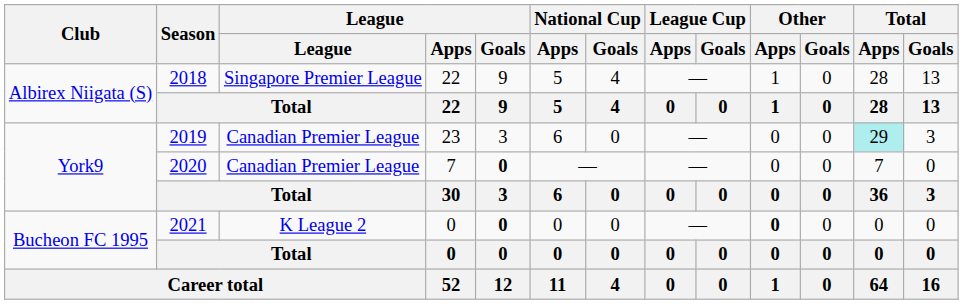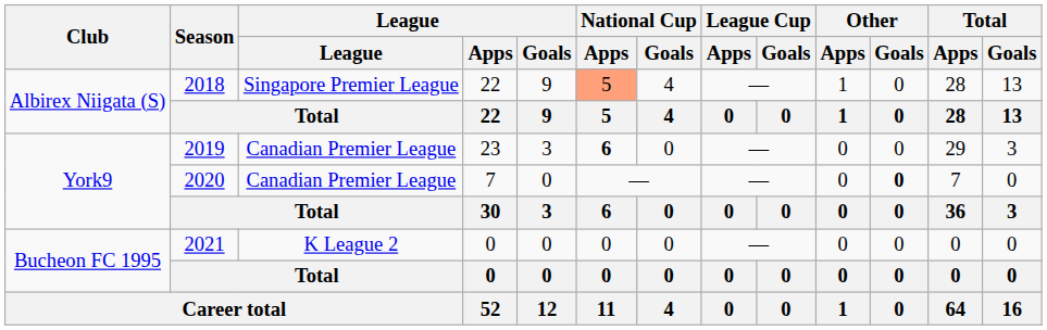 <table class="wikitable" Style="text-align: center">
 <tr>
 <th rowspan="2">Club</th>
 <th rowspan="2">Season</th>
 <th colspan="3">League</th>
 <th colspan="2">National Cup</th>
 <th colspan="2">League Cup</th>
 <th colspan="2">Other</th>
 <th colspan="2">Total</th>
 </tr>
 <tr>
 <th>League</th>
 <th>Apps</th>
 <th>Goals</th>
 <th>Apps</th>
 <th>Goals</th>
 <th>Apps</th>
 <th>Goals</th>
 <th>Apps</th>
 <th>Goals</th>
 <th>Apps</th>
 <th>Goals</th>
 </tr>
 <tr>
 <td rowspan="2"><a href='#'>Albirex Niigata (S)</a></td>
 <td><a href='#'>2018</a></td>
 <td><a href='#'>Singapore Premier League</a></td>
 <td>22</td>
 <td>9</td>
-<td>5</td>
+<td style="background: lightsalmon;">5</td>
 <td>4</td>
 <td colspan="2">—</td>
 <td>1</td>
 <td>0</td>
 <td>28</td>
 <td>13</td>
 </tr>
 <tr>
 <th colspan="2">Total</th>
 <th>22</th>
 <th>9</th>
 <th>5</th>
 <th>4</th>
 <th>0</th>
 <th>0</th>
 <th>1</th>
 <th>0</th>
 <th>28</th>
 <th>13</th>
 </tr>
 <tr>
 <td rowspan="3"><a href='#'>York9</a></td>
 <td><a href='#'>2019</a></td>
 <td><a href='#'>Canadian Premier League</a></td>
 <td>23</td>
 <td>3</td>
-<td>6</td>
+<td><strong>6</strong></td>
 <td>0</td>
 <td colspan="2">—</td>
 <td>0</td>
 <td>0</td>
-<td style="background: paleturquoise;">29</td>
+<td>29</td>
 <td>3</td>
 </tr>
 <tr>
 <td><a href='#'>2020</a></td>
 <td><a href='#'>Canadian Premier League</a></td>
 <td>7</td>
-<td><strong>0</strong></td>
+<td>0</td>
 <td colspan="2">—</td>
 <td colspan="2">—</td>
 <td>0</td>
-<td>0</td>
+<td><strong>0</strong></td>
 <td>7</td>
 <td>0</td>
 </tr>
 <tr>
 <th colspan="2">Total</th>
 <th>30</th>
 <th>3</th>
 <th>6</th>
 <th>0</th>
 <th>0</th>
 <th>0</th>
 <th>0</th>
 <th>0</th>
 <th>36</th>
 <th>3</th>
 </tr>
 <tr>
 <td rowspan="2"><a href='#'>Bucheon FC 1995</a></td>
 <td><a href='#'>2021</a></td>
 <td><a href='#'>K League 2</a></td>
 <td>0</td>
-<td><strong>0</strong></td>
+<td>0</td>
 <td>0</td>
 <td>0</td>
 <td colspan="2">—</td>
-<td><strong>0</strong></td>
+<td>0</td>
 <td>0</td>
 <td>0</td>
 <td>0</td>
 </tr>
 <tr>
 <th colspan="2">Total</th>
 <th>0</th>
 <th>0</th>
 <th>0</th>
 <th>0</th>
 <th>0</th>
 <th>0</th>
 <th>0</th>
 <th>0</th>
 <th>0</th>
 <th>0</th>
 </tr>
 <tr>
 <th colspan=3>Career total</th>
 <th>52</th>
 <th>12</th>
 <th>11</th>
 <th>4</th>
 <th>0</th>
 <th>0</th>
 <th>1</th>
 <th>0</th>
 <th>64</th>
 <th>16</th>
 </tr>
 </table>
